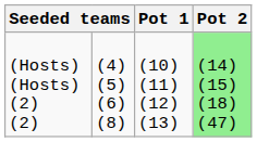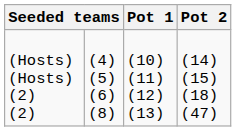 <table class="wikitable">
 <tr>
 <th colspan=2>Seeded teams</th>
 <th>Pot 1</th>
 <th>Pot 2</th>
 </tr>
 <tr>
 <td><br> (Hosts)<br>  (Hosts)<br>  (2)<br>  (2)</td>
 <td><br> (4)<br>  (5)<br>  (6)<br>  (8)</td>
 <td><br> (10)<br>  (11)<br>  (12)<br>  (13)</td>
-<td style="background: lightgreen;"><br> (14)<br>  (15)<br>  (18)<br>  (47)</td>
+<td><br> (14)<br>  (15)<br>  (18)<br>  (47)</td>
 </tr>
 </table>
